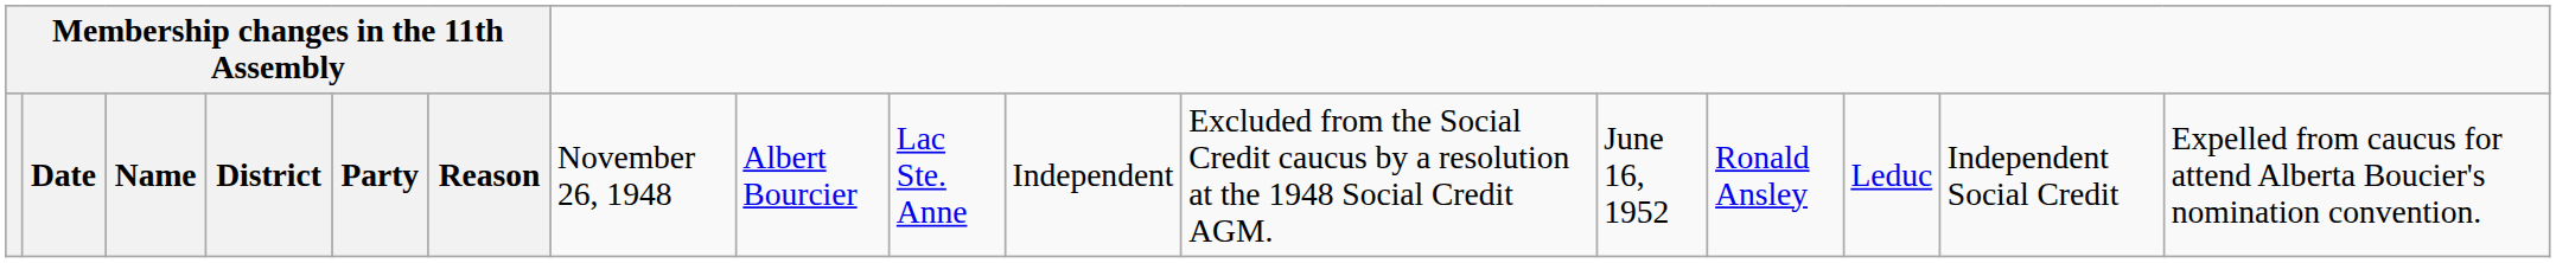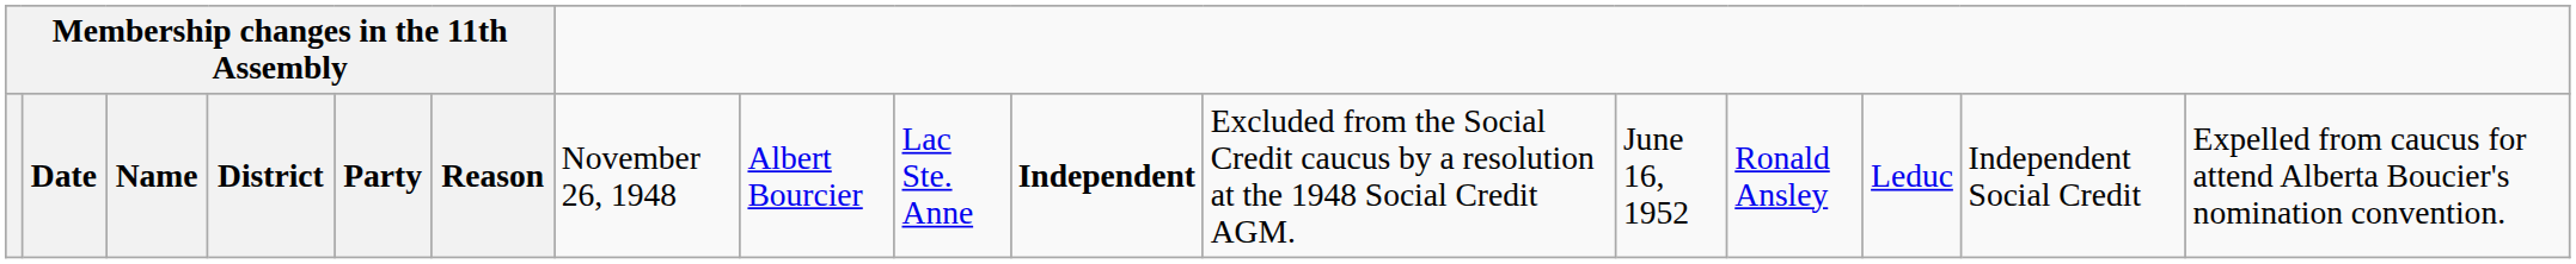 <table class="wikitable">
 <tr>
 <th colspan=6>Membership changes in the 11th Assembly</th>
 </tr>
 <tr>
 <th></th>
 <th>Date</th>
 <th>Name</th>
 <th>District</th>
 <th>Party</th>
 <th>Reason<br></th>
 <td>November 26, 1948</td>
 <td><a href='#'>Albert Bourcier</a></td>
 <td><a href='#'>Lac Ste. Anne</a></td>
-<td>Independent</td>
+<td><strong>Independent</strong></td>
 <td>Excluded from the Social Credit caucus by a resolution at the 1948 Social Credit AGM.<br></td>
 <td>June 16, 1952</td>
 <td><a href='#'>Ronald Ansley</a></td>
 <td><a href='#'>Leduc</a></td>
 <td>Independent Social Credit</td>
 <td>Expelled from caucus for attend Alberta Boucier's nomination convention.</td>
 </tr>
 </table>
